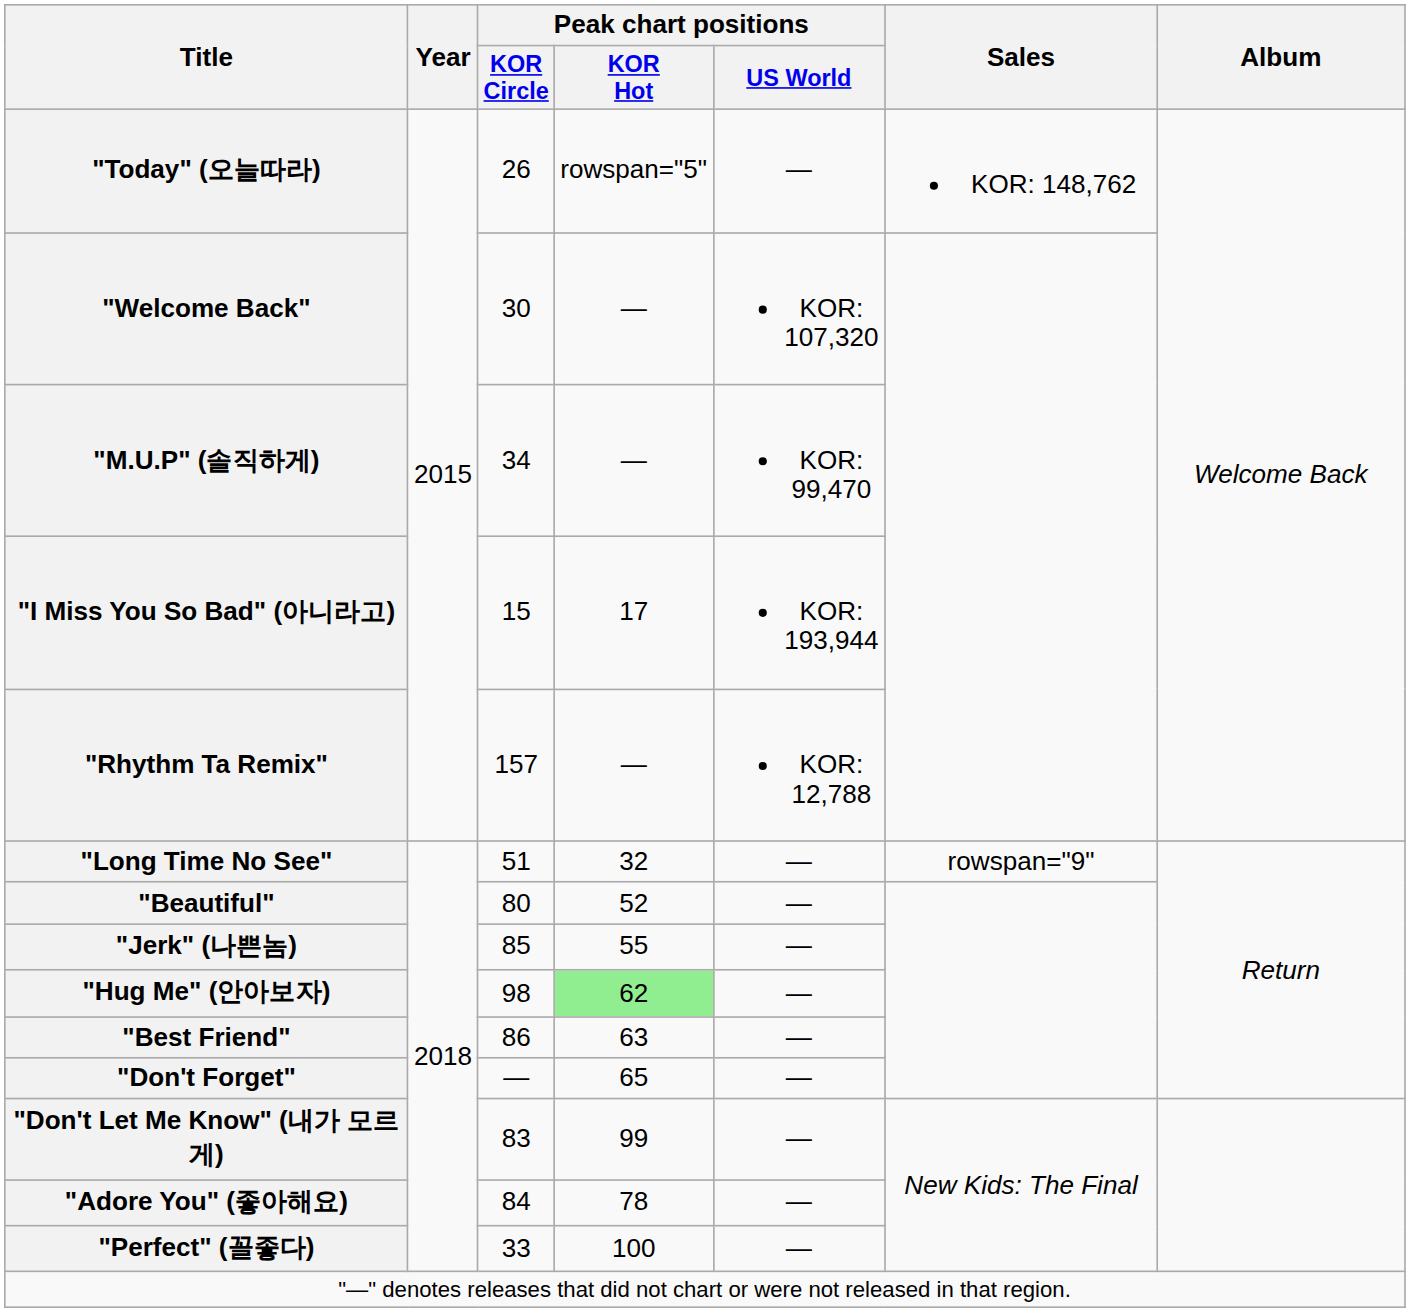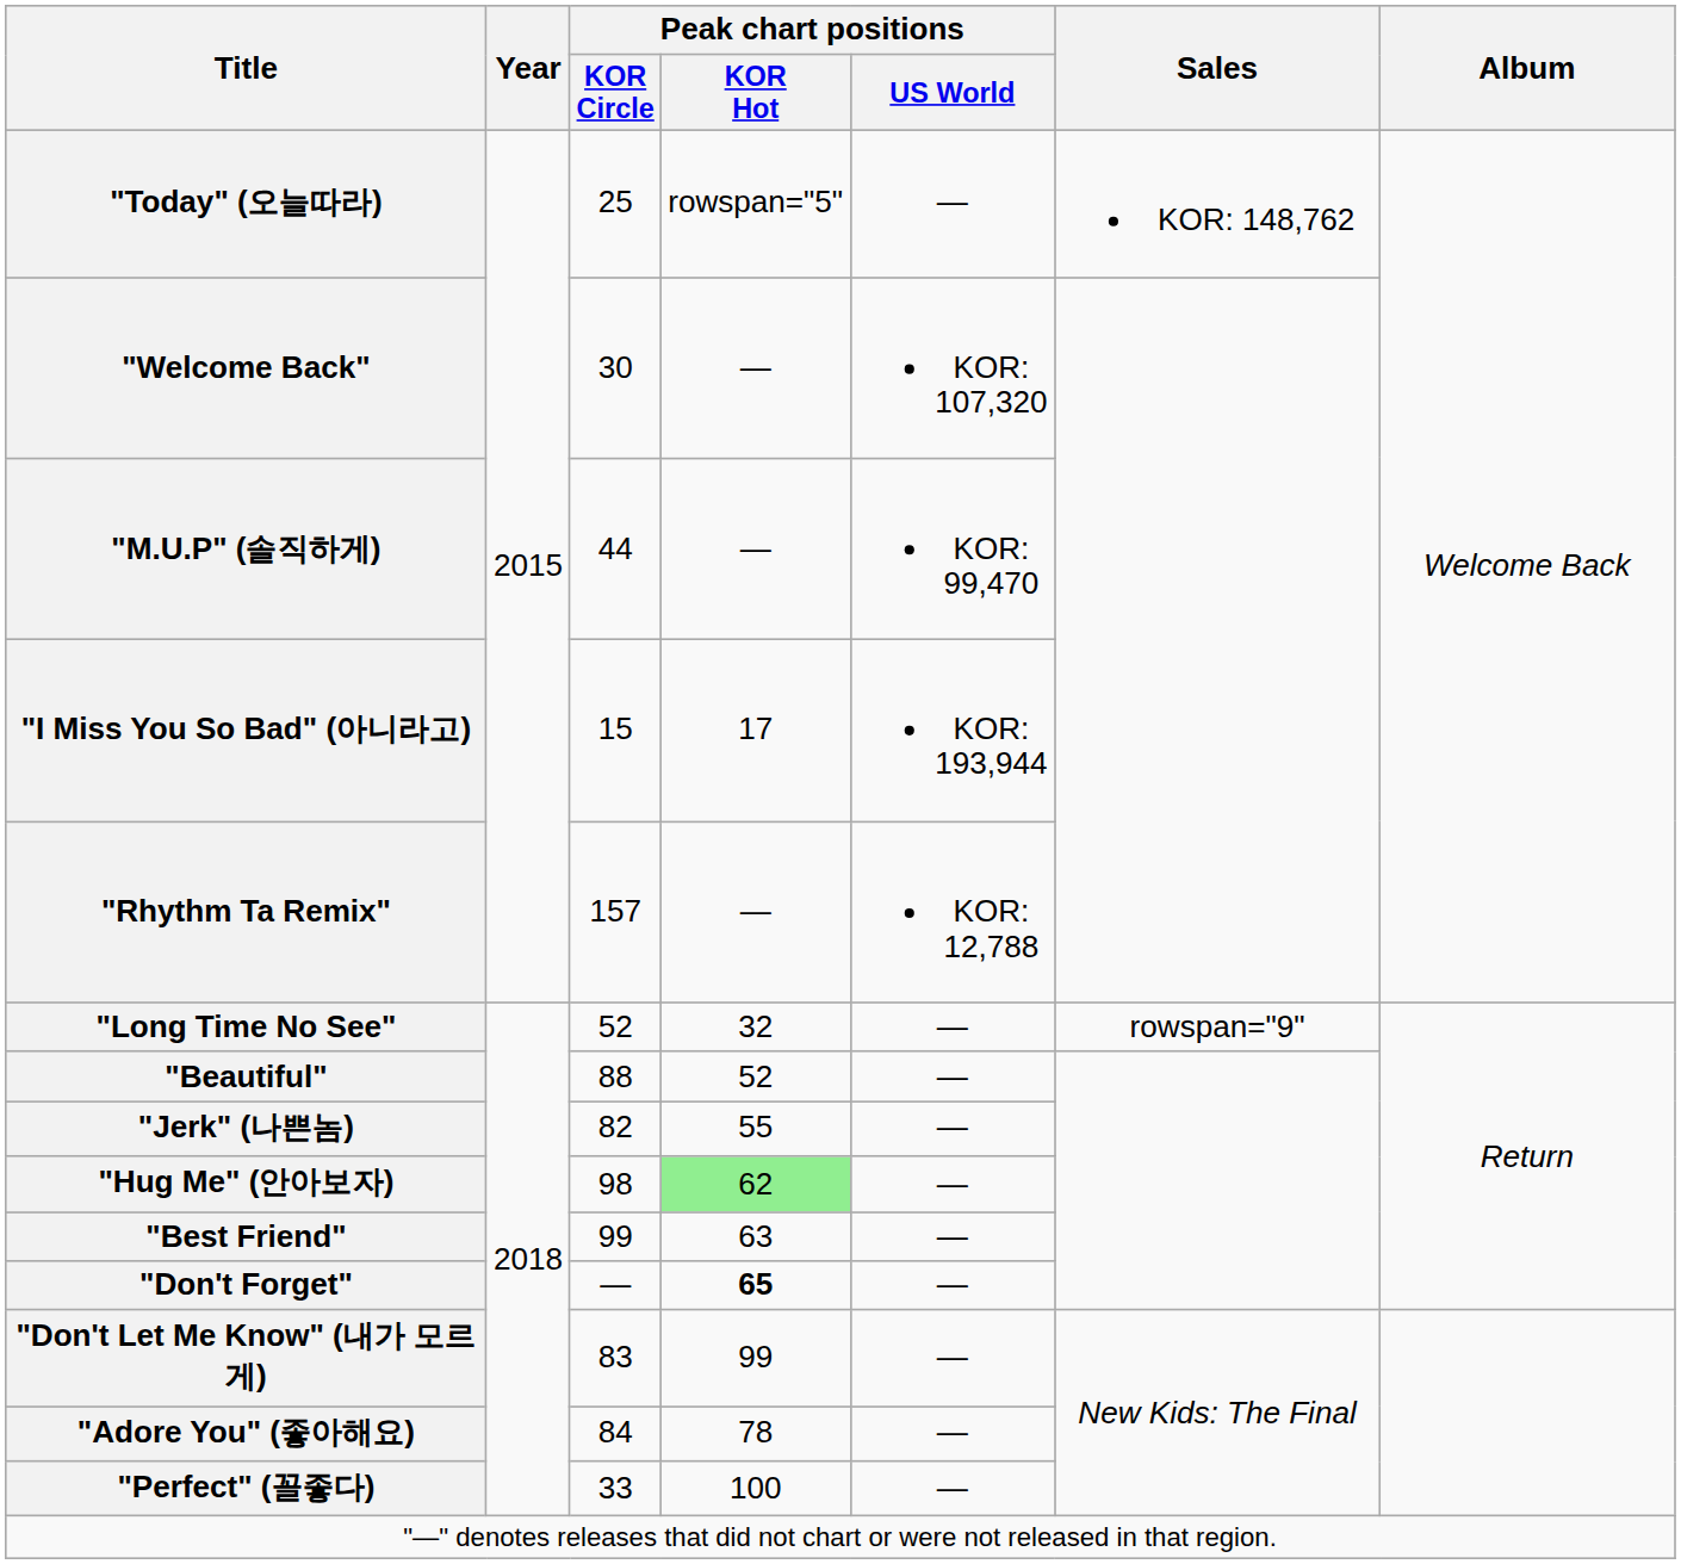 <table class="wikitable plainrowheaders" style="text-align:center;">
 <tr>
 <th scope="col" rowspan="2" style="width:15em;">Title</th>
 <th scope="col" rowspan="2" style="width:2em;">Year</th>
 <th scope="col" colspan="3">Peak chart positions</th>
 <th scope="col" rowspan="2" style="width:10em;">Sales</th>
 <th scope="col" rowspan="2" style="width:9em;">Album</th>
 </tr>
 <tr>
 <th scope="col" style="width:2.5em;font-size:90%;"><a href='#'>KOR<br>Circle</a><br></th>
 <th scope="col" style="width:2.5em;font-size:90%;"><a href='#'>KOR<br>Hot</a><br></th>
 <th scope="col" style="width:2.5em;font-size:90%;"><a href='#'>US World</a><br></th>
 </tr>
 <tr>
 <th scope="row">"Today" (오늘따라)</th>
 <td rowspan="5">2015</td>
-<td>26</td>
+<td>25</td>
 <td>rowspan="5" </td>
 <td>—</td>
 <td><br><ul><li>KOR: 148,762</li></ul></td>
 <td rowspan="5"><em>Welcome Back</em></td>
 </tr>
 <tr>
 <th scope="row">"Welcome Back"</th>
 <td>30</td>
 <td>—</td>
 <td><br><ul><li>KOR: 107,320</li></ul></td>
 </tr>
 <tr>
 <th scope="row">"M.U.P" (솔직하게)</th>
-<td>34</td>
+<td>44</td>
 <td>—</td>
 <td><br><ul><li>KOR: 99,470</li></ul></td>
 </tr>
 <tr>
 <th scope="row">"I Miss You So Bad" (아니라고)</th>
 <td>15</td>
 <td>17</td>
 <td><br><ul><li>KOR: 193,944</li></ul></td>
 </tr>
 <tr>
 <th scope="row">"Rhythm Ta Remix" </th>
 <td>157</td>
 <td>—</td>
 <td><br><ul><li>KOR: 12,788</li></ul></td>
 </tr>
 <tr>
 <th scope="row">"Long Time No See"</th>
 <td rowspan="9">2018</td>
-<td>51</td>
+<td>52</td>
 <td>32</td>
 <td>—</td>
 <td>rowspan="9" </td>
 <td rowspan="6"><em>Return</em></td>
 </tr>
 <tr>
 <th scope="row">"Beautiful"</th>
-<td>80</td>
+<td>88</td>
 <td>52</td>
 <td>—</td>
 </tr>
 <tr>
 <th scope="row">"Jerk" (나쁜놈)</th>
-<td>85</td>
+<td>82</td>
 <td>55</td>
 <td>—</td>
 </tr>
 <tr>
 <th scope="row">"Hug Me" (안아보자)</th>
 <td>98</td>
 <td style="background: lightgreen;">62</td>
 <td>—</td>
 </tr>
 <tr>
 <th scope="row">"Best Friend"</th>
-<td>86</td>
+<td>99</td>
 <td>63</td>
 <td>—</td>
 </tr>
 <tr>
 <th scope="row">"Don't Forget"</th>
 <td>—</td>
-<td>65</td>
+<td><strong>65</strong></td>
 <td>—</td>
 </tr>
 <tr>
 <th scope="row">"Don't Let Me Know" (내가 모르게)</th>
 <td>83</td>
 <td>99</td>
 <td>—</td>
 <td rowspan="3"><em>New Kids: The Final</em></td>
 </tr>
 <tr>
 <th scope="row">"Adore You" (좋아해요)</th>
 <td>84</td>
 <td>78</td>
 <td>—</td>
 </tr>
 <tr>
 <th scope="row">"Perfect" (꼴좋다)</th>
 <td>33</td>
 <td>100</td>
 <td>—</td>
 </tr>
 <tr>
 <td colspan="8" style="font-size:85%;">"—" denotes releases that did not chart or were not released in that region.</td>
 </tr>
 </table>
